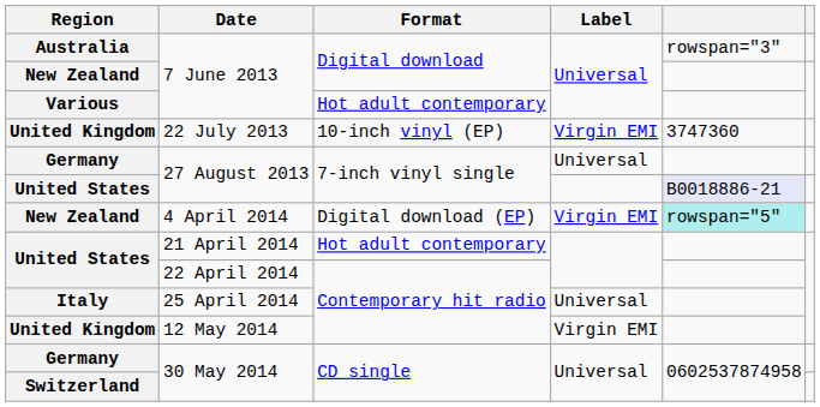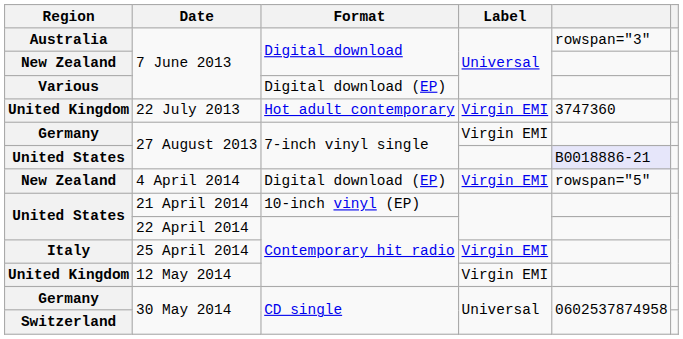 <table class="wikitable plainrowheaders">
 <tr>
 <th scope="col">Region</th>
 <th scope="col">Date</th>
 <th scope="col">Format</th>
 <th scope="col">Label</th>
 <th scope="col"></th>
 <th scope="col"></th>
 </tr>
 <tr>
 <th scope="row">Australia</th>
 <td rowspan="3">7 June 2013</td>
 <td rowspan="2"><a href='#'>Digital download</a></td>
 <td rowspan="3"><a href='#'>Universal</a></td>
 <td>rowspan="3" </td>
 <td align="center"></td>
 </tr>
 <tr>
 <th scope="row">New Zealand</th>
 <td align="center"></td>
 </tr>
 <tr>
 <th scope="row">Various</th>
-<td><a href='#'>Hot adult contemporary</a></td>
+<td>Digital download (<a href='#'>EP</a>)</td>
 <td align="center"></td>
 </tr>
 <tr>
 <th scope="row">United Kingdom</th>
 <td>22 July 2013</td>
-<td>10-inch <a href='#'>vinyl</a> (EP)</td>
+<td><a href='#'>Hot adult contemporary</a></td>
 <td><a href='#'>Virgin EMI</a></td>
 <td>3747360</td>
 <td align="center"></td>
 </tr>
 <tr>
 <th scope="row">Germany</th>
 <td rowspan="2">27 August 2013</td>
 <td rowspan="2">7-inch vinyl single</td>
-<td>Universal</td>
+<td>Virgin EMI</td>
 <td></td>
 <td align="center"></td>
 </tr>
 <tr>
 <th scope="row">United States</th>
 <td></td>
 <td style="background: lavender;">B0018886-21</td>
 <td align="center"></td>
 </tr>
 <tr>
 <th scope="row">New Zealand</th>
 <td>4 April 2014</td>
 <td>Digital download (<a href='#'>EP</a>)</td>
 <td><a href='#'>Virgin EMI</a></td>
-<td style="background: paleturquoise;">rowspan="5" </td>
+<td>rowspan="5" </td>
 <td align="center"></td>
 </tr>
 <tr>
 <th scope="row" rowspan="2">United States</th>
 <td>21 April 2014</td>
-<td><a href='#'>Hot adult contemporary</a></td>
+<td>10-inch <a href='#'>vinyl</a> (EP)</td>
 <td rowspan="2"></td>
 <td align="center"></td>
 </tr>
 <tr>
 <td>22 April 2014</td>
 <td rowspan="3"><a href='#'>Contemporary hit radio</a></td>
 <td align="center"></td>
 </tr>
 <tr>
 <th scope="row">Italy</th>
 <td>25 April 2014</td>
-<td>Universal</td>
+<td><a href='#'>Virgin EMI</a></td>
 <td align="center"></td>
 </tr>
 <tr>
 <th scope="row">United Kingdom</th>
 <td>12 May 2014</td>
 <td>Virgin EMI</td>
 <td align="center"></td>
 </tr>
 <tr>
 <th scope="row">Germany</th>
 <td rowspan="2">30 May 2014</td>
 <td rowspan="2"><a href='#'>CD single</a></td>
 <td rowspan="2">Universal</td>
 <td rowspan="2">0602537874958</td>
 <td align="center"></td>
 </tr>
 <tr>
 <th scope="row">Switzerland</th>
 <td align="center"></td>
 </tr>
 </table>
